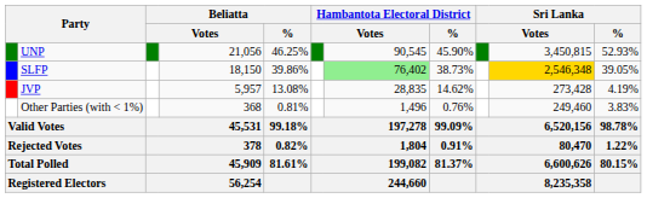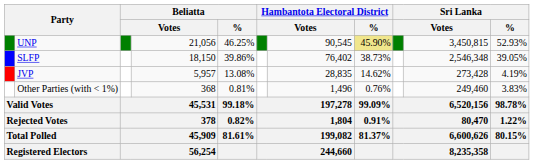 <table class="wikitable">
 <tr>
 <th colspan="2" width="144px"rowspan="2">Party</th>
 <th colspan="3" width="216px">Beliatta</th>
 <th colspan="3" width="216px"><a href='#'>Hambantota Electoral District</a></th>
 <th colspan="3" width="216px">Sri Lanka</th>
 </tr>
 <tr>
 <th colspan="2" width="144px">Votes</th>
 <th>%</th>
 <th colspan="2" width="144px">Votes</th>
 <th>%</th>
 <th colspan="2" width="144px">Votes</th>
 <th>%</th>
 </tr>
 <tr>
 <td style="background-color:green;" width="10px"></td>
 <td style="text-align:left;"><a href='#'>UNP</a></td>
 <td style="background-color:green;" width="10px"></td>
 <td style="text-align:right;">21,056</td>
 <td style="text-align:right;">46.25%</td>
 <td style="background-color:green;" width="10px"></td>
 <td style="text-align:right;">90,545</td>
-<td style="text-align:right;">45.90%</td>
+<td style="background: khaki; text-align:right;">45.90%</td>
 <td style="background-color:green;" width="10px"></td>
 <td style="text-align:right;">3,450,815</td>
 <td style="text-align:right;">52.93%</td>
 </tr>
 <tr>
 <td style="background-color:blue;" width="10px"></td>
 <td style="text-align:left;"><a href='#'>SLFP</a></td>
 <td style="background-color:white;" width="10px"></td>
 <td style="text-align:right;">18,150</td>
 <td style="text-align:right;">39.86%</td>
 <td style="background-color:white;" width="10px"></td>
-<td style="background: lightgreen; text-align:right;">76,402</td>
+<td style="text-align:right;">76,402</td>
 <td style="text-align:right;">38.73%</td>
 <td style="background-color:white;" width="10px"></td>
-<td style="background: gold; text-align:right;">2,546,348</td>
+<td style="text-align:right;">2,546,348</td>
 <td style="text-align:right;">39.05%</td>
 </tr>
 <tr>
 <td style="background-color:red;" width="10px"></td>
 <td style="text-align:left;"><a href='#'>JVP</a></td>
 <td style="background-color:white;" width="10px"></td>
 <td style="text-align:right;">5,957</td>
 <td style="text-align:right;">13.08%</td>
 <td style="background-color:white;" width="10px"></td>
 <td style="text-align:right;">28,835</td>
 <td style="text-align:right;">14.62%</td>
 <td style="background-color:white;" width="10px"></td>
 <td style="text-align:right;">273,428</td>
 <td style="text-align:right;">4.19%</td>
 </tr>
 <tr>
 <td style="background-color:white;" width="10px"></td>
 <td style="text-align:left;">Other Parties (with < 1%)</td>
 <td style="background-color:white;" width="10px"></td>
 <td style="text-align:right;">368</td>
 <td style="text-align:right;">0.81%</td>
 <td style="background-color:white;" width="10px"></td>
 <td style="text-align:right;">1,496</td>
 <td style="text-align:right;">0.76%</td>
 <td style="background-color:white;" width="10px"></td>
 <td style="text-align:right;">249,460</td>
 <td style="text-align:right;">3.83%</td>
 </tr>
 <tr>
 <th colspan="2" width="144px"style="text-align:left;">Valid Votes</th>
 <th style="text-align:right;"colspan="2" width="144px">45,531</th>
 <th style="text-align:right;">99.18%</th>
 <th style="text-align:right;"colspan="2" width="144px">197,278</th>
 <th style="text-align:right;">99.09%</th>
 <th style="text-align:right;"colspan="2" width="144px">6,520,156</th>
 <th style="text-align:right;">98.78%</th>
 </tr>
 <tr>
 <th colspan="2" width="144px"style="text-align:left;">Rejected Votes</th>
 <th style="text-align:right;"colspan="2" width="144px">378</th>
 <th style="text-align:right;">0.82%</th>
 <th style="text-align:right;"colspan="2" width="144px">1,804</th>
 <th style="text-align:right;">0.91%</th>
 <th style="text-align:right;"colspan="2" width="144px">80,470</th>
 <th style="text-align:right;">1.22%</th>
 </tr>
 <tr>
 <th colspan="2" width="144px"style="text-align:left;">Total Polled</th>
 <th style="text-align:right;"colspan="2" width="144px">45,909</th>
 <th style="text-align:right;">81.61%</th>
 <th style="text-align:right;"colspan="2" width="144px">199,082</th>
 <th style="text-align:right;">81.37%</th>
 <th style="text-align:right;"colspan="2" width="144px">6,600,626</th>
 <th style="text-align:right;">80.15%</th>
 </tr>
 <tr>
 <th colspan="2" width="144px"style="text-align:left;">Registered Electors</th>
 <th style="text-align:right;"colspan="2" width="144px">56,254</th>
 <th></th>
 <th style="text-align:right;"colspan="2" width="144px">244,660</th>
 <th></th>
 <th style="text-align:right;"colspan="2" width="144px">8,235,358</th>
 <th></th>
 </tr>
 </table>
